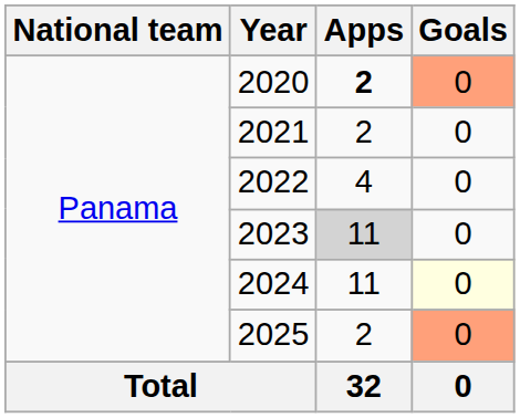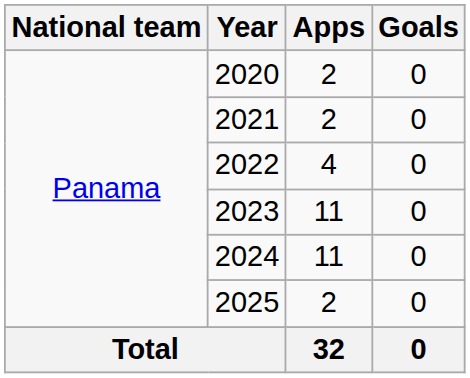 <table class="wikitable" style="text-align:center">
 <tr>
 <th>National team</th>
 <th>Year</th>
 <th>Apps</th>
 <th>Goals</th>
 </tr>
 <tr>
 <td rowspan="6"><a href='#'>Panama</a></td>
 <td>2020</td>
-<td><strong>2</strong></td>
-<td style="background: lightsalmon;">0</td>
+<td>2</td>
+<td>0</td>
 </tr>
 <tr>
 <td>2021</td>
 <td>2</td>
 <td>0</td>
 </tr>
 <tr>
 <td>2022</td>
 <td>4</td>
 <td>0</td>
 </tr>
 <tr>
 <td>2023</td>
-<td style="background: lightgrey;">11</td>
+<td>11</td>
 <td>0</td>
 </tr>
 <tr>
 <td>2024</td>
 <td>11</td>
-<td style="background: lightyellow;">0</td>
+<td>0</td>
 </tr>
 <tr>
 <td>2025</td>
 <td>2</td>
-<td style="background: lightsalmon;">0</td>
+<td>0</td>
 </tr>
 <tr>
 <th colspan="2">Total</th>
 <th>32</th>
 <th>0</th>
 </tr>
 </table>
